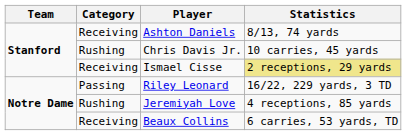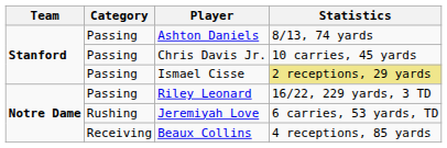 <table class="wikitable" style="float: right;">
 <tr>
 <th>Team</th>
 <th>Category</th>
 <th>Player</th>
 <th>Statistics</th>
 </tr>
 <tr>
 <td rowspan=3><strong>Stanford</strong></td>
-<td>Receiving</td>
+<td>Passing</td>
 <td><a href='#'>Ashton Daniels</a></td>
 <td>8/13, 74 yards</td>
 </tr>
 <tr>
-<td>Rushing</td>
+<td>Passing</td>
 <td>Chris Davis Jr.</td>
 <td>10 carries, 45 yards</td>
 </tr>
 <tr>
-<td>Receiving</td>
+<td>Passing</td>
 <td>Ismael Cisse</td>
 <td style="background: khaki;">2 receptions, 29 yards</td>
 </tr>
 <tr>
 <td rowspan=3><strong>Notre Dame</strong></td>
 <td>Passing</td>
 <td><a href='#'>Riley Leonard</a></td>
 <td>16/22, 229 yards, 3 TD</td>
 </tr>
 <tr>
 <td>Rushing</td>
 <td><a href='#'>Jeremiyah Love</a></td>
-<td>4 receptions, 85 yards</td>
+<td>6 carries, 53 yards, TD</td>
 </tr>
 <tr>
 <td>Receiving</td>
 <td><a href='#'>Beaux Collins</a></td>
-<td>6 carries, 53 yards, TD</td>
+<td>4 receptions, 85 yards</td>
 </tr>
 </table>
